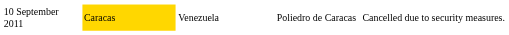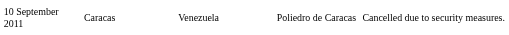 <table cellpadding="2" style="border: 0px solid darkgray; font-size:90%">
 <tr>
 <th width="150"></th>
 <th width="200"></th>
 <th width="200"></th>
 <th width="175"></th>
 <th width="600"></th>
 </tr>
 <tr border="0">
 <td>10 September 2011</td>
-<td style="background: gold;">Caracas</td>
+<td>Caracas</td>
 <td>Venezuela</td>
 <td>Poliedro de Caracas</td>
 <td>Cancelled due to security measures.</td>
 </tr>
 <tr>
 </tr>
 </table>
